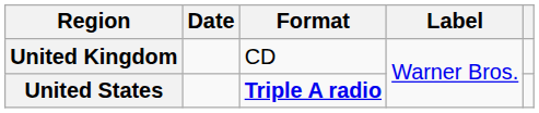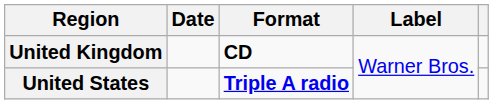 <table class="wikitable plainrowheaders">
 <tr>
 <th scope="col">Region</th>
 <th scope="col">Date</th>
 <th scope="col">Format</th>
 <th scope="col">Label</th>
 <th scope="col"></th>
 </tr>
 <tr>
 <th scope="row">United Kingdom</th>
 <td></td>
-<td>CD</td>
+<td><strong>CD</strong></td>
 <td rowspan="2"><a href='#'>Warner Bros.</a></td>
 <td align="center"></td>
 </tr>
 <tr>
 <th scope="row">United States</th>
 <td></td>
 <td><strong><a href='#'>Triple A radio</a></strong></td>
 <td align="center"></td>
 </tr>
 </table>
